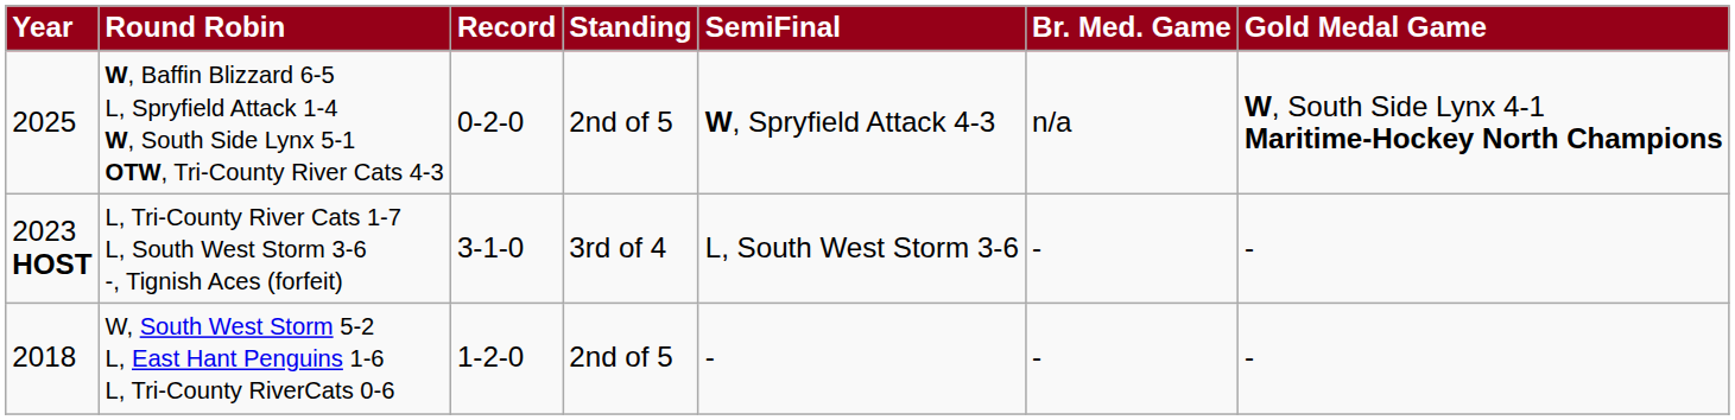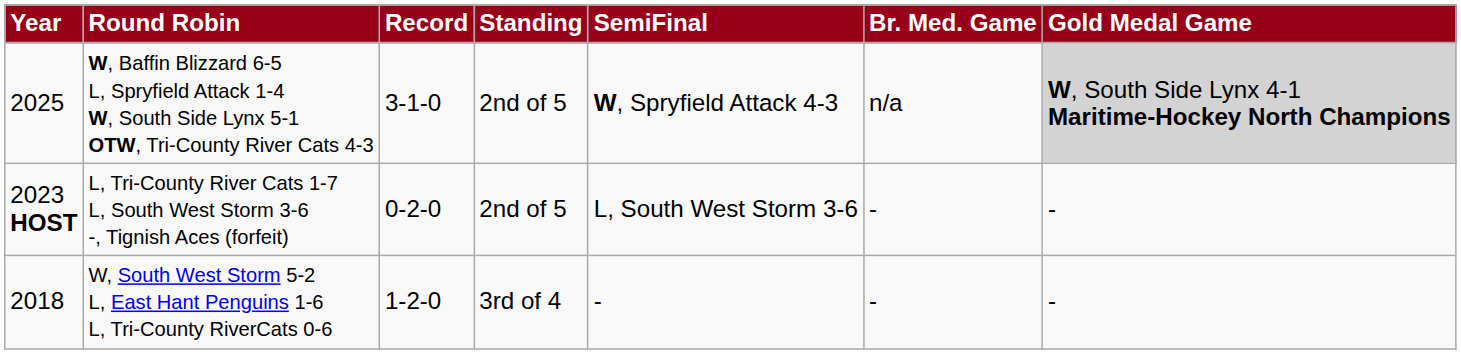 <table class="wikitable">
 <tr style="font-weight:bold; color:#FFFFFF" bgcolor="#960018" |>
 <td>Year</td>
 <td>Round Robin</td>
 <td>Record</td>
 <td>Standing</td>
 <td>SemiFinal</td>
 <td>Br. Med. Game</td>
 <td>Gold Medal Game</td>
 </tr>
 <tr>
 <td>2025</td>
 <td><small> <strong>W</strong>, Baffin Blizzard 6-5<br>L, Spryfield Attack 1-4<br><strong>W</strong>, South Side Lynx 5-1<br><strong>OTW</strong>, Tri-County River Cats 4-3</small></td>
-<td>0-2-0</td>
+<td>3-1-0</td>
 <td>2nd of 5</td>
 <td><strong>W</strong>, Spryfield Attack 4-3</td>
 <td>n/a</td>
-<td><strong>W</strong>, South Side Lynx 4-1<br><strong>Maritime-Hockey North Champions</strong></td>
+<td style="background: lightgrey;"><strong>W</strong>, South Side Lynx 4-1<br><strong>Maritime-Hockey North Champions</strong></td>
 </tr>
 <tr>
 <td>2023<br><strong>HOST</strong></td>
 <td><small>L, Tri-County River Cats 1-7<br>L, South West Storm 3-6<br>-, Tignish Aces (forfeit)</small></td>
-<td>3-1-0</td>
-<td>3rd of 4</td>
+<td>0-2-0</td>
+<td>2nd of 5</td>
 <td>L, South West Storm 3-6</td>
 <td>-</td>
 <td>-</td>
 </tr>
 <tr>
 <td>2018</td>
 <td><small>W, <a href='#'>South West Storm</a> 5-2<br>L, <a href='#'>East Hant Penguins</a> 1-6<br>L, Tri-County RiverCats 0-6</small></td>
 <td>1-2-0</td>
-<td>2nd of 5</td>
+<td>3rd of 4</td>
 <td>-</td>
 <td>-</td>
 <td>-</td>
 </tr>
 </table>
